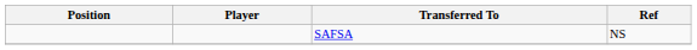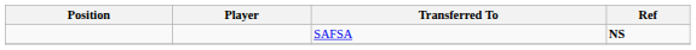 <table class="wikitable sortable" style="width:70%; text-align:center; font-size:100%; text-align:left;">
 <tr>
 <th><strong>Position</strong></th>
 <th><strong>Player</strong></th>
 <th><strong>Transferred To</strong></th>
 <th><strong>Ref</strong></th>
 </tr>
 <tr>
 <td></td>
 <td></td>
 <td> <a href='#'>SAFSA</a></td>
-<td>NS</td>
+<td><strong>NS</strong></td>
 </tr>
 <tr>
 </tr>
 </table>
